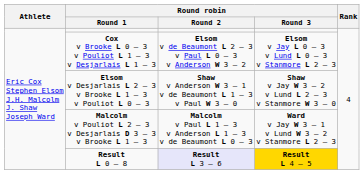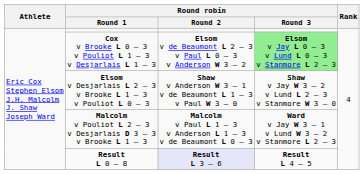 <table class=wikitable style="font-size:90%;text-align:center">
 <tr>
 <th rowspan="2">Athlete</th>
 <th colspan=3>Round robin</th>
 <th rowspan=2>Rank</th>
 </tr>
 <tr style="font-size:95%">
 <th>Round 1</th>
 <th>Round 2</th>
 <th>Round 3</th>
 </tr>
 <tr>
 <td rowspan=5 style="text-align:left;"><a href='#'>Eric Cox</a><br><a href='#'>Stephen Elsom</a><br><a href='#'>J.H. Malcolm</a><br><a href='#'>J. Shaw</a><br><a href='#'>Joseph Ward</a></td>
 <td></td>
 <td></td>
 <td></td>
 <td rowspan=5>4</td>
 </tr>
 <tr>
 <td><strong>Cox</strong><br>v <a href='#'>Brooke</a> <strong>L</strong> 0 – 3<br>v <a href='#'>Pouliot</a> <strong>L</strong> 1 – 3<br>v <a href='#'>Desjarlais</a> <strong>L</strong> 1 – 3</td>
 <td><strong>Elsom</strong><br>v <a href='#'>de Beaumont</a> <strong>L</strong> 2 – 3<br>v <a href='#'>Paul</a> <strong>L</strong> 0 – 3<br>v <a href='#'>Anderson</a> <strong>W</strong> 3 – 2</td>
-<td><strong>Elsom</strong><br>v <a href='#'>Jay</a> <strong>L</strong> 0 – 3<br>v <a href='#'>Lund</a> <strong>L</strong> 0 – 3<br>v <a href='#'>Stanmore</a> <strong>L</strong> 2 – 3</td>
+<td style="background: lightgreen;"><strong>Elsom</strong><br>v <a href='#'>Jay</a> <strong>L</strong> 0 – 3<br>v <a href='#'>Lund</a> <strong>L</strong> 0 – 3<br>v <a href='#'>Stanmore</a> <strong>L</strong> 2 – 3</td>
 </tr>
 <tr>
 <td><strong>Elsom</strong><br>v Desjarlais <strong>L</strong> 2 – 3<br>v Brooke <strong>L</strong> 1 – 3<br>v Pouliot <strong>L</strong> 0 – 3<br></td>
 <td><strong>Shaw</strong><br>v Anderson <strong>W</strong> 3 – 1<br>v de Beaumont <strong>L</strong> 1 – 3<br>v Paul <strong>W</strong> 3 – 0</td>
 <td><strong>Shaw</strong><br>v Jay <strong>W</strong> 3 – 2<br>v Lund <strong>L</strong> 2 – 3<br>v Stanmore <strong>W</strong> 3 – 0</td>
 </tr>
 <tr>
 <td><strong>Malcolm</strong><br>v Pouliot <strong>L</strong> 2 – 3<br>v Desjarlais <strong>D</strong> 3 – 3<br>v Brooke <strong>L</strong> 1 – 3</td>
 <td><strong>Malcolm</strong><br>v Paul <strong>L</strong> 1 – 3<br>v Anderson <strong>L</strong> 1 – 3<br>v de Beaumont <strong>L</strong> 0 – 3</td>
 <td><strong>Ward</strong><br>v Jay <strong>W</strong> 3 – 1<br>v Lund <strong>W</strong> 3 – 2<br>v Stanmore <strong>L</strong> 2 – 3</td>
 </tr>
 <tr>
 <td><strong>Result</strong><br><strong>L</strong> 0 – 8</td>
 <td style="background: lavender;"><strong>Result</strong><br><strong>L</strong> 3 – 6</td>
-<td style="background: gold;"><strong>Result</strong><br><strong>L</strong> 4 – 5</td>
+<td><strong>Result</strong><br><strong>L</strong> 4 – 5</td>
 </tr>
 </table>
